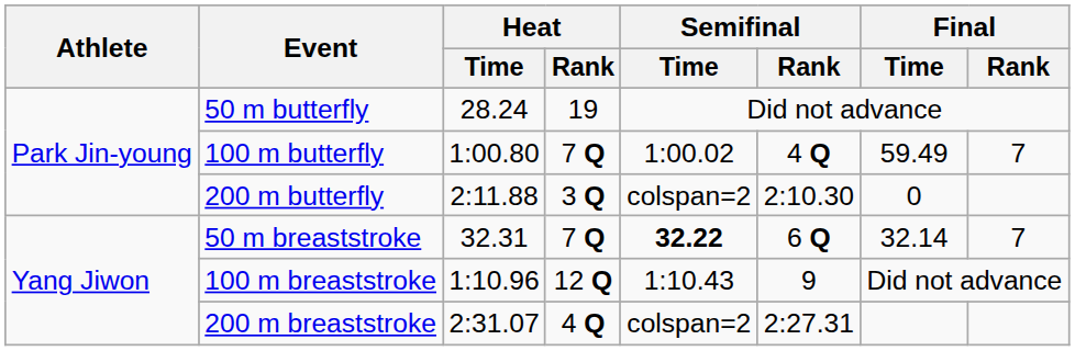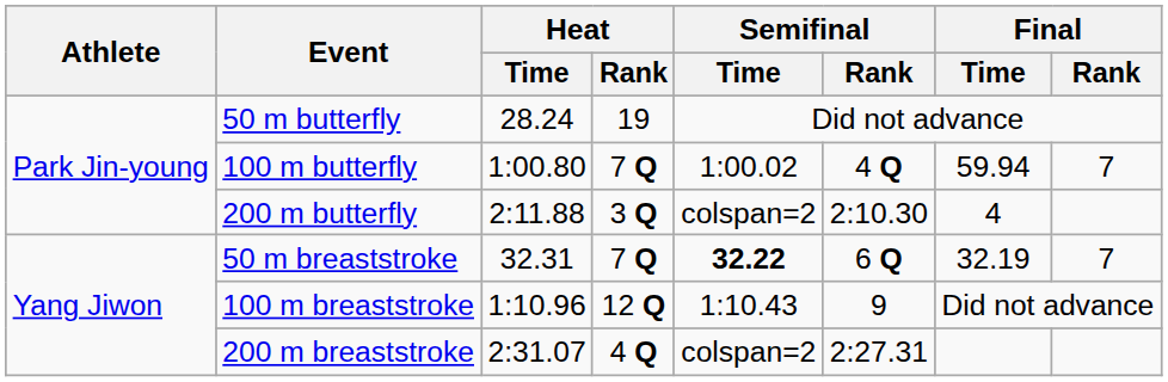 <table class=wikitable style="font-size:90%">
 <tr>
 <th rowspan=2>Athlete</th>
 <th rowspan=2>Event</th>
 <th colspan="2">Heat</th>
 <th colspan="2">Semifinal</th>
 <th colspan="2">Final</th>
 </tr>
 <tr style="font-size:95%">
 <th>Time</th>
 <th>Rank</th>
 <th>Time</th>
 <th>Rank</th>
 <th>Time</th>
 <th>Rank</th>
 </tr>
 <tr align=center>
 <td align=left rowspan=3><a href='#'>Park Jin-young</a></td>
 <td align=left><a href='#'>50 m butterfly</a></td>
 <td>28.24</td>
 <td>19</td>
 <td colspan=4>Did not advance</td>
 </tr>
 <tr align=center>
 <td align=left><a href='#'>100 m butterfly</a></td>
 <td>1:00.80</td>
 <td>7 <strong>Q</strong></td>
 <td>1:00.02</td>
 <td>4 <strong>Q</strong></td>
-<td>59.49</td>
+<td>59.94</td>
 <td>7</td>
 </tr>
 <tr align=center>
 <td align=left><a href='#'>200 m butterfly</a></td>
 <td>2:11.88</td>
 <td>3 <strong>Q</strong></td>
 <td>colspan=2 </td>
 <td>2:10.30</td>
-<td>0</td>
+<td>4</td>
 </tr>
 <tr align=center>
 <td align=left rowspan=3><a href='#'>Yang Jiwon</a></td>
 <td align=left><a href='#'>50 m breaststroke</a></td>
 <td>32.31</td>
 <td>7 <strong>Q</strong></td>
 <td><strong>32.22</strong></td>
 <td>6 <strong>Q</strong></td>
-<td>32.14</td>
+<td>32.19</td>
 <td>7</td>
 </tr>
 <tr align=center>
 <td align=left><a href='#'>100 m breaststroke</a></td>
 <td>1:10.96</td>
 <td>12 <strong>Q</strong></td>
 <td>1:10.43</td>
 <td>9</td>
 <td colspan=2>Did not advance</td>
 </tr>
 <tr align=center>
 <td align=left><a href='#'>200 m breaststroke</a></td>
 <td>2:31.07</td>
 <td>4 <strong>Q</strong></td>
 <td>colspan=2 </td>
 <td>2:27.31</td>
 <td></td>
 </tr>
 </table>
